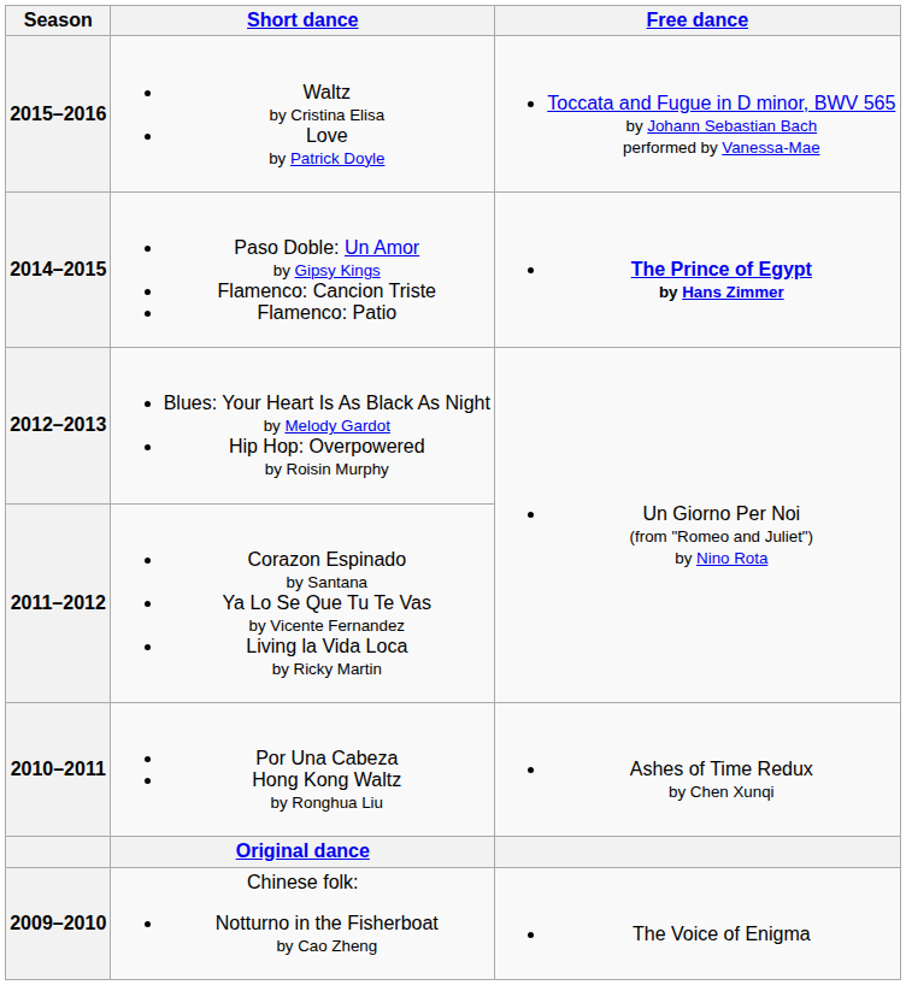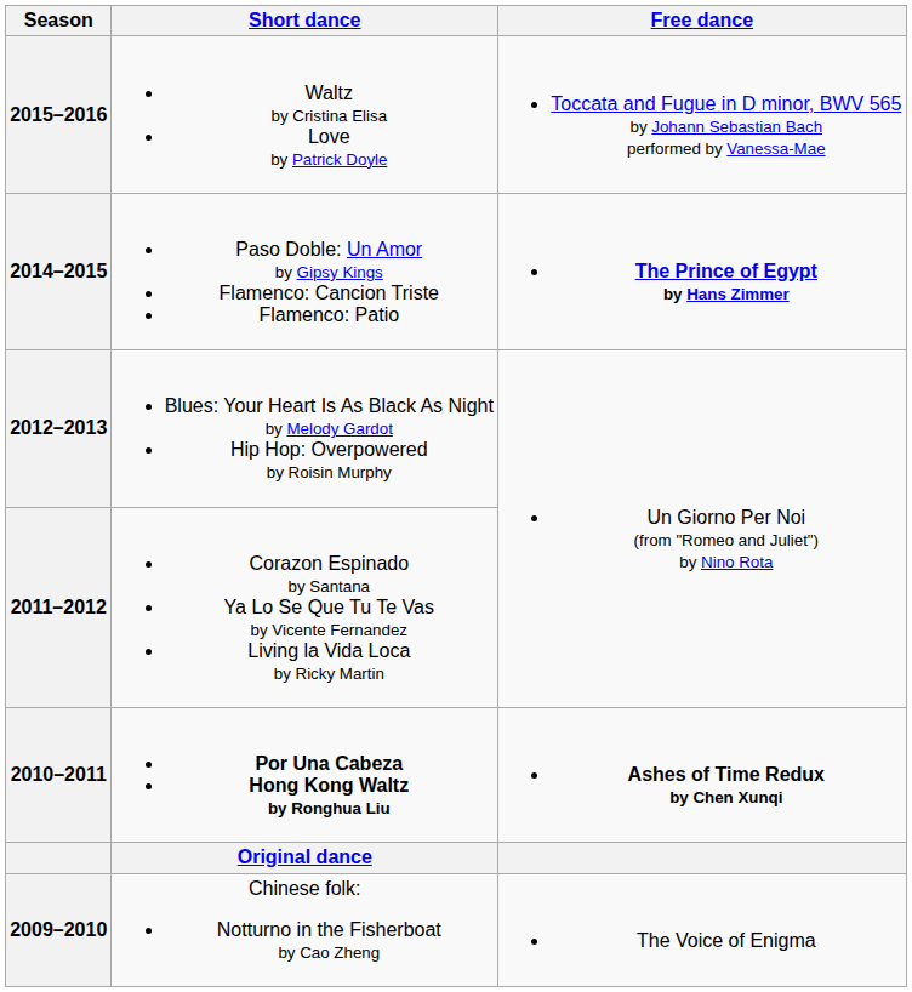 <table class=wikitable style=text-align:center>
 <tr>
 <th>Season</th>
 <th><a href='#'>Short dance</a></th>
 <th><a href='#'>Free dance</a></th>
 </tr>
 <tr>
 <th>2015–2016 <br> </th>
 <td><br><ul><li>Waltz <br><small> by Cristina Elisa </small></li><li>Love <br><small> by <a href='#'>Patrick Doyle</a> </small></li></ul></td>
 <td><br><ul><li><a href='#'>Toccata and Fugue in D minor, BWV 565</a> <br><small> by <a href='#'>Johann Sebastian Bach</a> <br> performed by <a href='#'>Vanessa-Mae</a> </small></li></ul></td>
 </tr>
 <tr>
 <th>2014–2015</th>
 <td><br><ul><li>Paso Doble: <a href='#'>Un Amor</a> <br><small> by <a href='#'>Gipsy Kings</a> </small></li><li>Flamenco: Cancion Triste</li><li>Flamenco: Patio</li></ul></td>
 <td><strong><br><ul><li><a href='#'>The Prince of Egypt</a> <br><small> by <a href='#'>Hans Zimmer</a> </small></li></ul></strong></td>
 </tr>
 <tr>
 <th>2012–2013 <br> </th>
 <td><br><ul><li>Blues: Your Heart Is As Black As Night <br><small> by <a href='#'>Melody Gardot</a> </small></li><li>Hip Hop: Overpowered <br><small> by Roisin Murphy </small></li></ul></td>
 <td rowspan=2><br><ul><li>Un Giorno Per Noi <br><small> (from "Romeo and Juliet") <br> by <a href='#'>Nino Rota</a> </small></li></ul></td>
 </tr>
 <tr>
 <th>2011–2012 <br> </th>
 <td><br><ul><li>Corazon Espinado <br><small> by Santana </small></li><li>Ya Lo Se Que Tu Te Vas <br><small> by Vicente Fernandez </small></li><li>Living la Vida Loca <br><small> by Ricky Martin </small></li></ul></td>
 </tr>
 <tr>
 <th>2010–2011 <br> </th>
-<td><br><ul><li>Por Una Cabeza</li><li>Hong Kong Waltz <br><small> by Ronghua Liu </small></li></ul></td>
-<td><br><ul><li>Ashes of Time Redux <br><small> by Chen Xunqi </small></li></ul></td>
+<td><strong><br><ul><li>Por Una Cabeza</li><li>Hong Kong Waltz <br><small> by Ronghua Liu </small></li></ul></strong></td>
+<td><strong><br><ul><li>Ashes of Time Redux <br><small> by Chen Xunqi </small></li></ul></strong></td>
 </tr>
 <tr>
 <th></th>
 <th><a href='#'>Original dance</a></th>
 <th></th>
 </tr>
 <tr>
 <th>2009–2010 <br> </th>
 <td>Chinese folk:<br><ul><li>Notturno in the Fisherboat <br><small> by Cao Zheng </small></li></ul></td>
 <td><br><ul><li>The Voice of Enigma</li></ul></td>
 </tr>
 </table>
